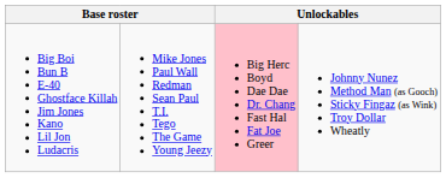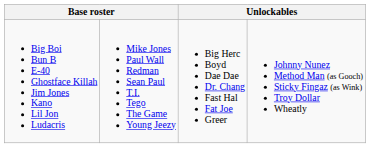 <table class="wikitable">
 <tr>
 <th colspan="2">Base roster</th>
 <th colspan="2">Unlockables</th>
 </tr>
 <tr>
 <td><br><ul><li><a href='#'>Big Boi</a></li><li><a href='#'>Bun B</a></li><li><a href='#'>E-40</a></li><li><a href='#'>Ghostface Killah</a></li><li><a href='#'>Jim Jones</a></li><li><a href='#'>Kano</a></li><li><a href='#'>Lil Jon</a></li><li><a href='#'>Ludacris</a></li></ul></td>
 <td><br><ul><li><a href='#'>Mike Jones</a></li><li><a href='#'>Paul Wall</a></li><li><a href='#'>Redman</a></li><li><a href='#'>Sean Paul</a></li><li><a href='#'>T.I.</a></li><li><a href='#'>Tego</a></li><li><a href='#'>The Game</a></li><li><a href='#'>Young Jeezy</a></li></ul></td>
-<td style="background: pink;"><br><ul><li>Big Herc</li><li>Boyd</li><li>Dae Dae</li><li><a href='#'>Dr. Chang</a></li><li>Fast Hal</li><li><a href='#'>Fat Joe</a></li><li>Greer</li></ul></td>
+<td><br><ul><li>Big Herc</li><li>Boyd</li><li>Dae Dae</li><li><a href='#'>Dr. Chang</a></li><li>Fast Hal</li><li><a href='#'>Fat Joe</a></li><li>Greer</li></ul></td>
 <td><br><ul><li><a href='#'>Johnny Nunez</a></li><li><a href='#'>Method Man</a> <small>(as Gooch)</small></li><li><a href='#'>Sticky Fingaz</a> <small>(as Wink)</small></li><li><a href='#'>Troy Dollar</a></li><li>Wheatly</li></ul></td>
 </tr>
 </table>
